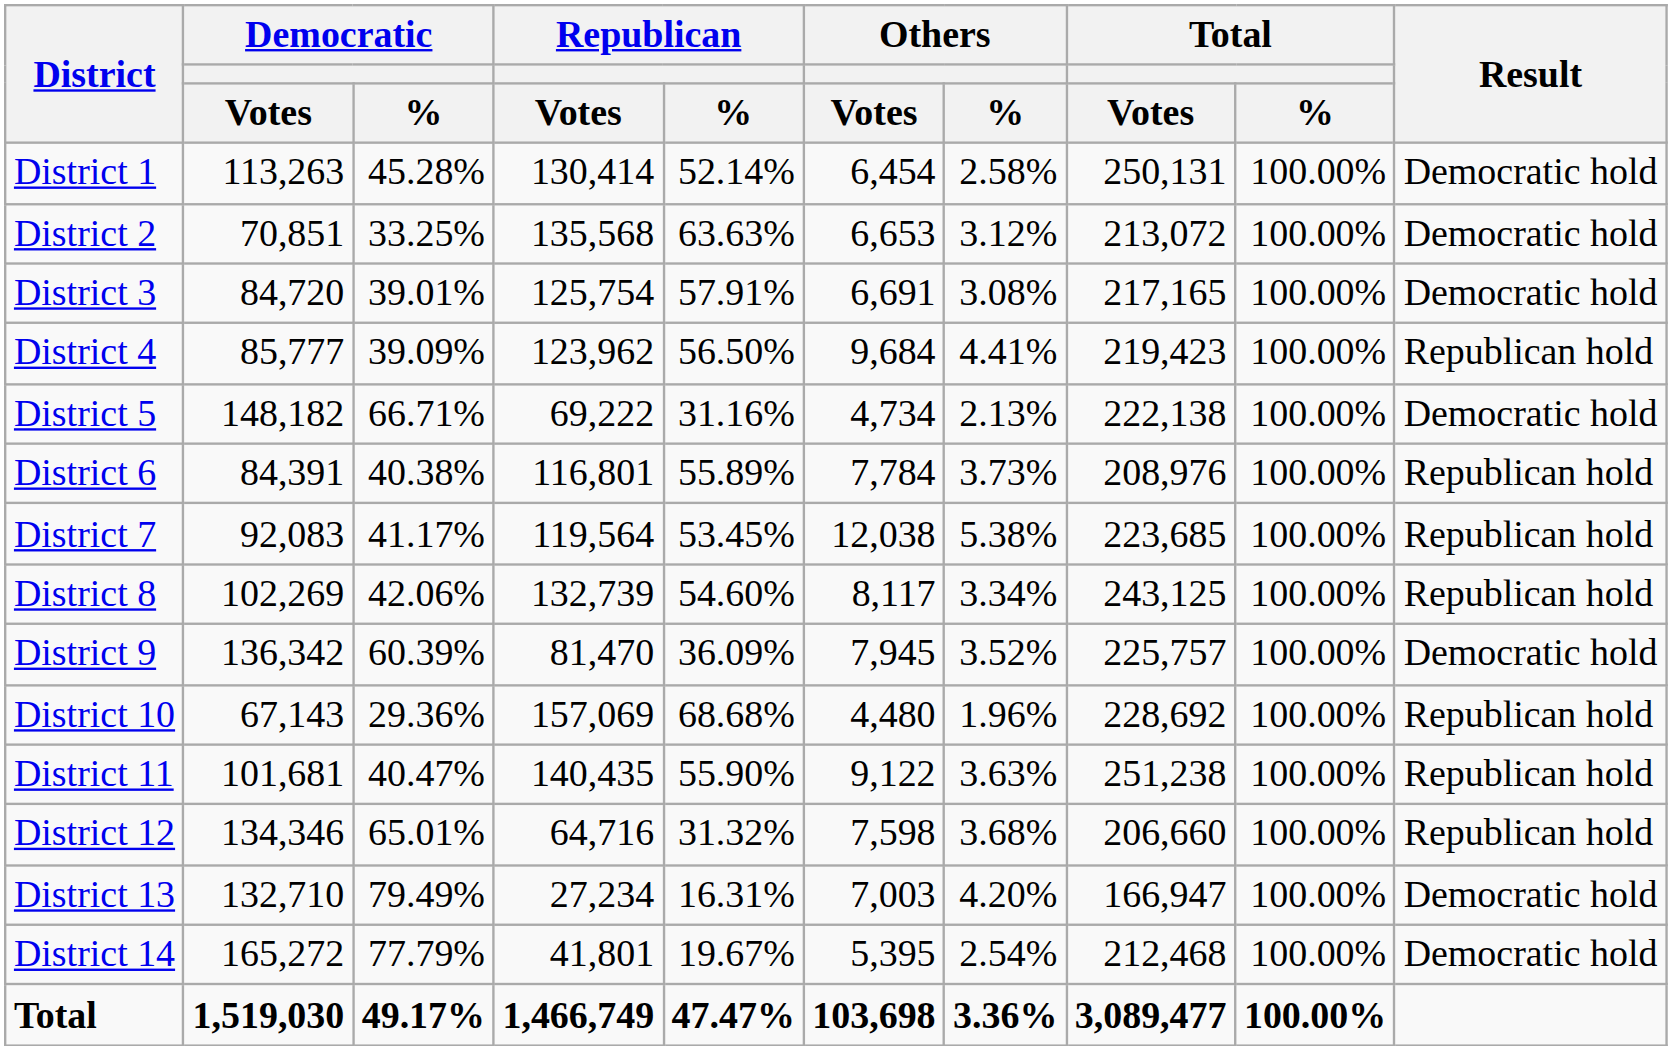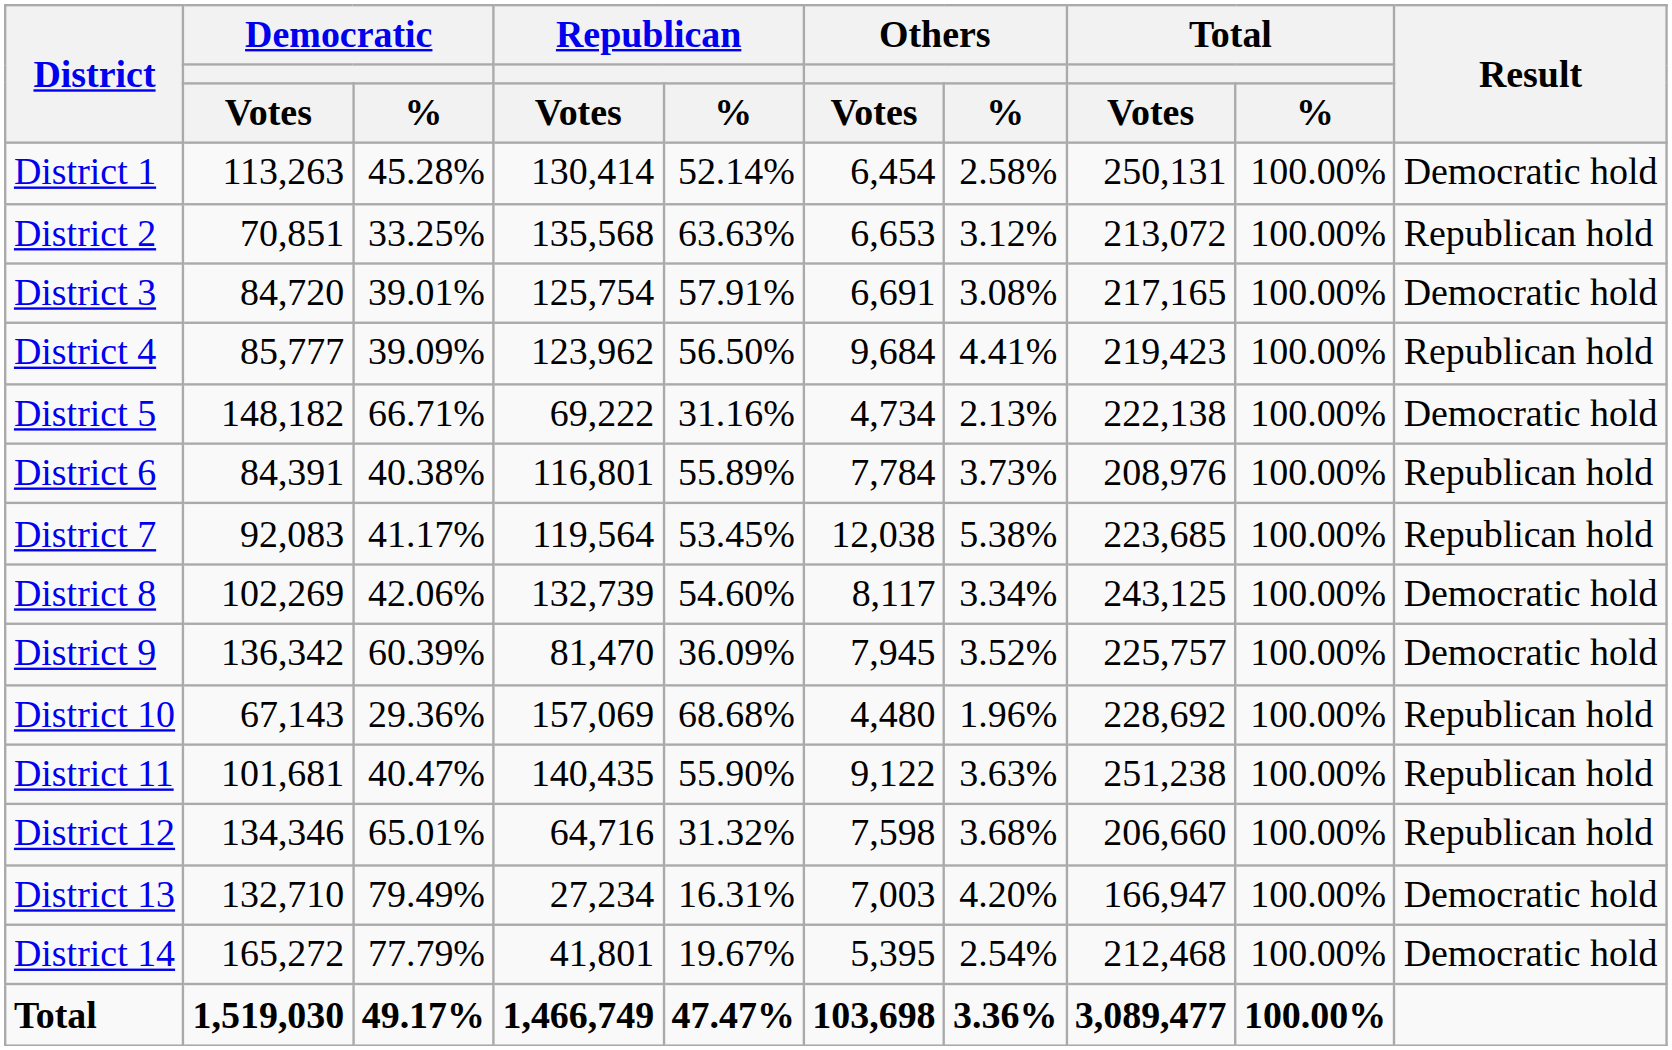 <table class="wikitable plainrowheaders sortable" style="text-align:right;">
 <tr>
 <th scope=col rowspan=3><a href='#'>District</a></th>
 <th scope=col colspan=2><a href='#'>Democratic</a></th>
 <th scope=col colspan=2><a href='#'>Republican</a></th>
 <th scope=col colspan=2>Others</th>
 <th scope=col colspan=2>Total</th>
 <th scope=col rowspan=3>Result</th>
 </tr>
 <tr>
 <th scope=col colspan=2 style="background:"></th>
 <th scope=col colspan=2 style="background:"></th>
 <th scope=col colspan=2></th>
 <th scope=col colspan=2></th>
 </tr>
 <tr>
 <th scope=col data-sort-type="number">Votes</th>
 <th scope=col data-sort-type="number">%</th>
 <th scope=col data-sort-type="number">Votes</th>
 <th scope=col data-sort-type="number">%</th>
 <th scope=col data-sort-type="number">Votes</th>
 <th scope=col data-sort-type="number">%</th>
 <th scope=col data-sort-type="number">Votes</th>
 <th scope=col data-sort-type="number">%</th>
 </tr>
 <tr>
 <td align=left><a href='#'>District 1</a></td>
 <td>113,263</td>
 <td>45.28%</td>
 <td>130,414</td>
 <td>52.14%</td>
 <td>6,454</td>
 <td>2.58%</td>
 <td>250,131</td>
 <td>100.00%</td>
 <td align=left>Democratic hold</td>
 </tr>
 <tr>
 <td align=left><a href='#'>District 2</a></td>
 <td>70,851</td>
 <td>33.25%</td>
 <td>135,568</td>
 <td>63.63%</td>
 <td>6,653</td>
 <td>3.12%</td>
 <td>213,072</td>
 <td>100.00%</td>
-<td align=left>Democratic hold</td>
+<td align=left>Republican hold</td>
 </tr>
 <tr>
 <td align=left><a href='#'>District 3</a></td>
 <td>84,720</td>
 <td>39.01%</td>
 <td>125,754</td>
 <td>57.91%</td>
 <td>6,691</td>
 <td>3.08%</td>
 <td>217,165</td>
 <td>100.00%</td>
 <td align=left>Democratic hold</td>
 </tr>
 <tr>
 <td align=left><a href='#'>District 4</a></td>
 <td>85,777</td>
 <td>39.09%</td>
 <td>123,962</td>
 <td>56.50%</td>
 <td>9,684</td>
 <td>4.41%</td>
 <td>219,423</td>
 <td>100.00%</td>
 <td align=left>Republican hold</td>
 </tr>
 <tr>
 <td align=left><a href='#'>District 5</a></td>
 <td>148,182</td>
 <td>66.71%</td>
 <td>69,222</td>
 <td>31.16%</td>
 <td>4,734</td>
 <td>2.13%</td>
 <td>222,138</td>
 <td>100.00%</td>
 <td align=left>Democratic hold</td>
 </tr>
 <tr>
 <td align=left><a href='#'>District 6</a></td>
 <td>84,391</td>
 <td>40.38%</td>
 <td>116,801</td>
 <td>55.89%</td>
 <td>7,784</td>
 <td>3.73%</td>
 <td>208,976</td>
 <td>100.00%</td>
 <td align=left>Republican hold</td>
 </tr>
 <tr>
 <td align=left><a href='#'>District 7</a></td>
 <td>92,083</td>
 <td>41.17%</td>
 <td>119,564</td>
 <td>53.45%</td>
 <td>12,038</td>
 <td>5.38%</td>
 <td>223,685</td>
 <td>100.00%</td>
 <td align=left>Republican hold</td>
 </tr>
 <tr>
 <td align=left><a href='#'>District 8</a></td>
 <td>102,269</td>
 <td>42.06%</td>
 <td>132,739</td>
 <td>54.60%</td>
 <td>8,117</td>
 <td>3.34%</td>
 <td>243,125</td>
 <td>100.00%</td>
-<td align=left>Republican hold</td>
+<td align=left>Democratic hold</td>
 </tr>
 <tr>
 <td align=left><a href='#'>District 9</a></td>
 <td>136,342</td>
 <td>60.39%</td>
 <td>81,470</td>
 <td>36.09%</td>
 <td>7,945</td>
 <td>3.52%</td>
 <td>225,757</td>
 <td>100.00%</td>
 <td align=left>Democratic hold</td>
 </tr>
 <tr>
 <td align=left><a href='#'>District 10</a></td>
 <td>67,143</td>
 <td>29.36%</td>
 <td>157,069</td>
 <td>68.68%</td>
 <td>4,480</td>
 <td>1.96%</td>
 <td>228,692</td>
 <td>100.00%</td>
 <td align=left>Republican hold</td>
 </tr>
 <tr>
 <td align=left><a href='#'>District 11</a></td>
 <td>101,681</td>
 <td>40.47%</td>
 <td>140,435</td>
 <td>55.90%</td>
 <td>9,122</td>
 <td>3.63%</td>
 <td>251,238</td>
 <td>100.00%</td>
 <td align=left>Republican hold</td>
 </tr>
 <tr>
 <td align=left><a href='#'>District 12</a></td>
 <td>134,346</td>
 <td>65.01%</td>
 <td>64,716</td>
 <td>31.32%</td>
 <td>7,598</td>
 <td>3.68%</td>
 <td>206,660</td>
 <td>100.00%</td>
 <td align=left>Republican hold</td>
 </tr>
 <tr>
 <td align=left><a href='#'>District 13</a></td>
 <td>132,710</td>
 <td>79.49%</td>
 <td>27,234</td>
 <td>16.31%</td>
 <td>7,003</td>
 <td>4.20%</td>
 <td>166,947</td>
 <td>100.00%</td>
 <td align=left>Democratic hold</td>
 </tr>
 <tr>
 <td align=left><a href='#'>District 14</a></td>
 <td>165,272</td>
 <td>77.79%</td>
 <td>41,801</td>
 <td>19.67%</td>
 <td>5,395</td>
 <td>2.54%</td>
 <td>212,468</td>
 <td>100.00%</td>
 <td align=left>Democratic hold</td>
 </tr>
 <tr class="sortbottom" style="font-weight:bold">
 <td align=left>Total</td>
 <td>1,519,030</td>
 <td>49.17%</td>
 <td>1,466,749</td>
 <td>47.47%</td>
 <td>103,698</td>
 <td>3.36%</td>
 <td>3,089,477</td>
 <td>100.00%</td>
 <td></td>
 </tr>
 </table>
